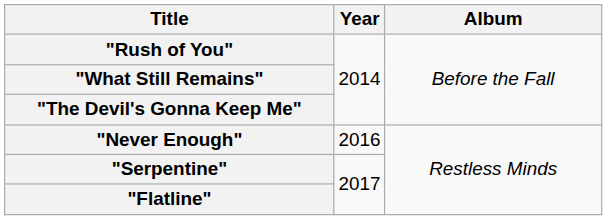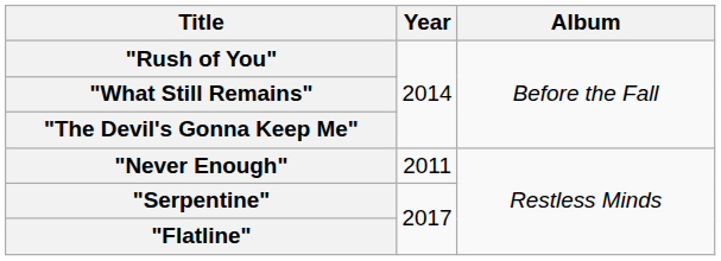 <table class="wikitable plainrowheaders" style="text-align:center;">
 <tr>
 <th scope="col" style="width:17em;">Title</th>
 <th scope="col">Year</th>
 <th scope="col" style="width:11em;">Album</th>
 </tr>
 <tr>
 <th scope="row">"Rush of You"</th>
 <td rowspan="3">2014</td>
 <td rowspan="3"><em>Before the Fall</em></td>
 </tr>
 <tr>
 <th scope="row">"What Still Remains"</th>
 </tr>
 <tr>
 <th scope="row">"The Devil's Gonna Keep Me"</th>
 </tr>
 <tr>
 <th scope="row">"Never Enough"</th>
-<td>2016</td>
+<td>2011</td>
 <td rowspan="3"><em>Restless Minds</em></td>
 </tr>
 <tr>
 <th scope="row">"Serpentine"</th>
 <td rowspan="2">2017</td>
 </tr>
 <tr>
 <th scope="row">"Flatline"</th>
 </tr>
 </table>
